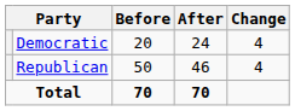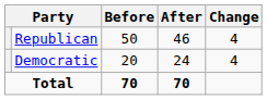 <table class="wikitable" style="text-align:center;">
 <tr>
 <th colspan="2">Party</th>
 <th>Before</th>
 <th>After</th>
 <th>Change</th>
 </tr>
 <tr>
 <th style="background-color:"></th>
-<td style="text-align:left;"><a href='#'>Democratic</a></td>
-<td>20</td>
-<td>24</td>
+<td style="text-align:left;"><a href='#'>Republican</a></td>
+<td>50</td>
+<td>46</td>
 <td> 4</td>
 </tr>
 <tr>
 <th style="background-color:"></th>
-<td style="text-align:left;"><a href='#'>Republican</a></td>
-<td>50</td>
-<td>46</td>
+<td style="text-align:left;"><a href='#'>Democratic</a></td>
+<td>20</td>
+<td>24</td>
 <td> 4</td>
 </tr>
 <tr>
 <td colspan="2"><strong>Total</strong></td>
 <td><strong>70</strong></td>
 <td><strong>70</strong></td>
 <td></td>
 </tr>
 </table>
